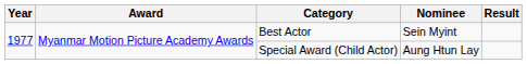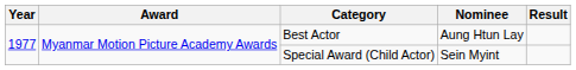 <table class="wikitable">
 <tr>
 <th>Year</th>
 <th>Award</th>
 <th>Category</th>
 <th>Nominee</th>
 <th>Result</th>
 </tr>
 <tr>
 <td scope="row" rowspan="2"><a href='#'>1977</a></td>
 <td scope="row" rowspan="2"><a href='#'>Myanmar Motion Picture Academy Awards</a></td>
 <td>Best Actor</td>
-<td>Sein Myint</td>
+<td>Aung Htun Lay</td>
 <td></td>
 </tr>
 <tr>
 <td>Special Award (Child Actor)</td>
-<td>Aung Htun Lay</td>
+<td>Sein Myint</td>
 <td></td>
 </tr>
 </table>
